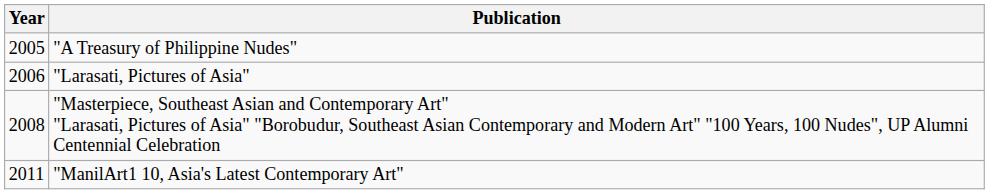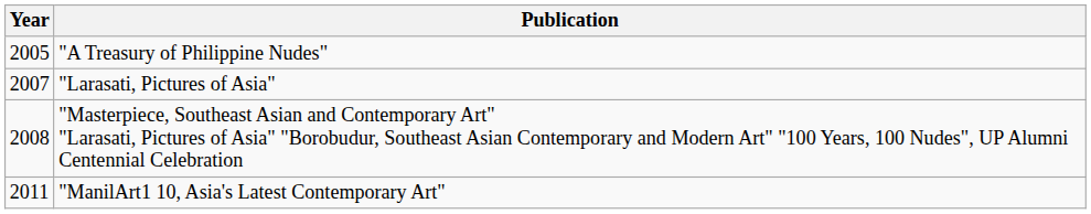 <table class="wikitable">
 <tr>
 <th>Year</th>
 <th>Publication</th>
 </tr>
 <tr>
 <td>2005</td>
 <td>"A Treasury of Philippine Nudes"</td>
 </tr>
 <tr>
-<td>2006</td>
+<td>2007</td>
 <td>"Larasati, Pictures of Asia"</td>
 </tr>
 <tr>
 <td>2008</td>
 <td>"Masterpiece, Southeast Asian and Contemporary Art"<br>"Larasati, Pictures of Asia"  "Borobudur, Southeast Asian Contemporary and Modern Art"  "100 Years, 100 Nudes", UP Alumni Centennial Celebration</td>
 </tr>
 <tr>
 <td>2011</td>
 <td>"ManilArt1 10, Asia's Latest Contemporary Art"</td>
 </tr>
 </table>
